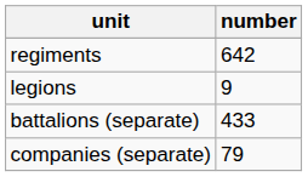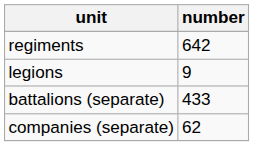 <table class="wikitable" style="display: inline-table;">
 <tr>
 <th><strong>unit</strong></th>
 <th><strong>number</strong></th>
 </tr>
 <tr>
 </tr>
 <tr>
 <td>regiments</td>
 <td>642</td>
 </tr>
 <tr>
 <td>legions</td>
 <td>9</td>
 </tr>
 <tr>
 <td>battalions (separate)</td>
 <td>433</td>
 </tr>
 <tr>
 <td>companies (separate)</td>
-<td>79</td>
+<td>62</td>
 </tr>
 <tr>
 </tr>
 </table>
